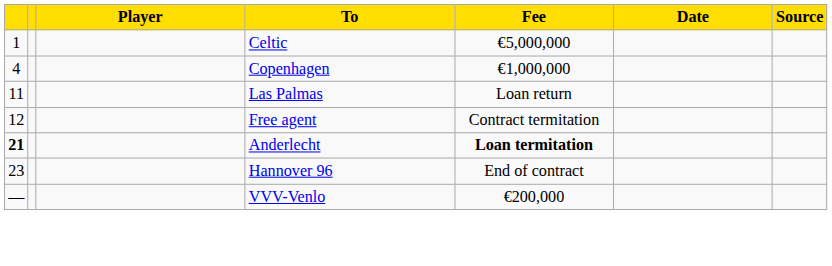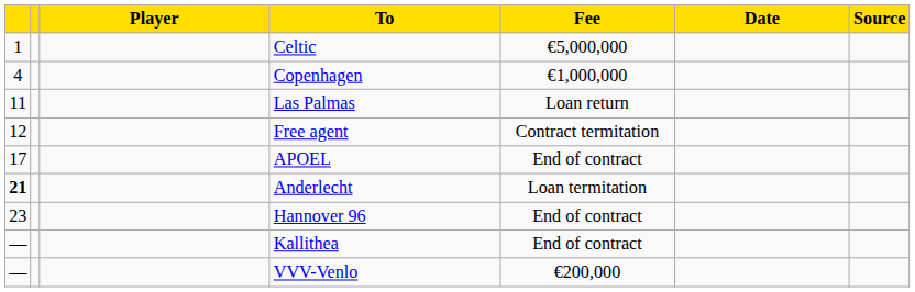 <table class="wikitable sortable">
 <tr>
 <th style="background:#FFDE00"></th>
 <th style="background:#FFDE00"></th>
 <th width=200 style="background:#FFDE00">Player</th>
 <th width=200 style="background:#FFDE00">To</th>
 <th width=150 style="background:#FFDE00">Fee</th>
 <th width=150 style="background:#FFDE00">Date</th>
 <th style="background:#FFDE00">Source</th>
 </tr>
 <tr>
 <td align=center>1</td>
 <td align=center></td>
 <td></td>
 <td> <a href='#'>Celtic</a></td>
 <td align=center>€5,000,000</td>
 <td align=center></td>
 <td align=center></td>
 </tr>
 <tr>
 <td align=center>4</td>
 <td align=center></td>
 <td></td>
 <td> <a href='#'>Copenhagen</a></td>
 <td align=center>€1,000,000</td>
 <td align=center></td>
 <td align=center></td>
 </tr>
 <tr>
 <td align=center>11</td>
 <td align=center></td>
 <td></td>
 <td> <a href='#'>Las Palmas</a></td>
 <td align=center>Loan return</td>
 <td align=center></td>
 <td align=center></td>
 </tr>
 <tr>
 <td align=center>12</td>
 <td align=center></td>
 <td></td>
 <td><a href='#'>Free agent</a></td>
 <td align=center>Contract termitation</td>
 <td align=center></td>
 <td align=center></td>
 </tr>
 <tr>
+<td align=center>17</td>
+<td align=center></td>
+<td></td>
+<td> <a href='#'>APOEL</a></td>
+<td align=center>End of contract</td>
+<td align=center></td>
+<td align=center></td>
+</tr>
+<tr>
 <td align=center><strong>21</strong></td>
 <td align=center></td>
 <td></td>
 <td> <a href='#'>Anderlecht</a></td>
-<td align=center><strong>Loan termitation</strong></td>
+<td align=center>Loan termitation</td>
 <td align=center></td>
 <td align=center></td>
 </tr>
 <tr>
 <td align=center>23</td>
 <td align=center></td>
 <td></td>
 <td> <a href='#'>Hannover 96</a></td>
 <td align=center>End of contract</td>
 <td align=center></td>
 <td align=center></td>
 </tr>
 <tr>
 <td align=center>—</td>
 <td align=center></td>
 <td></td>
+<td> <a href='#'>Kallithea</a></td>
+<td align=center>End of contract</td>
+<td align=center></td>
+<td align=center></td>
+</tr>
+<tr>
+<td align=center>—</td>
+<td align=center></td>
+<td></td>
 <td> <a href='#'>VVV-Venlo</a></td>
 <td align=center>€200,000</td>
 <td align=center></td>
 <td align=center></td>
 </tr>
 </table>
